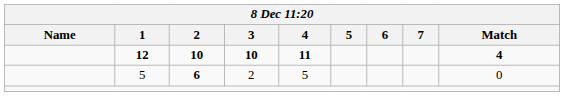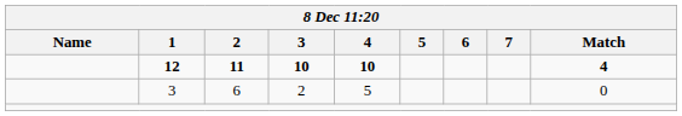 <table class=wikitable style="text-align:center; width: 55%">
 <tr>
 <th colspan=17><em> 8 Dec 11:20</em></th>
 </tr>
 <tr>
 <th>Name</th>
 <th>1</th>
 <th>2</th>
 <th>3</th>
 <th>4</th>
 <th>5</th>
 <th>6</th>
 <th>7</th>
 <th>Match</th>
 </tr>
 <tr>
 <td style="text-align:left;"><strong></strong></td>
 <td><strong>12</strong></td>
+<td><strong>11</strong></td>
 <td><strong>10</strong></td>
 <td><strong>10</strong></td>
-<td><strong>11</strong></td>
 <td></td>
 <td></td>
 <td></td>
 <td><strong>4</strong></td>
 </tr>
 <tr>
 <td style="text-align:left;"></td>
-<td>5</td>
-<td><strong>6</strong></td>
+<td>3</td>
+<td>6</td>
 <td>2</td>
 <td>5</td>
 <td></td>
 <td></td>
 <td></td>
 <td>0</td>
 </tr>
 <tr>
 <td colspan=17></td>
 </tr>
 </table>
